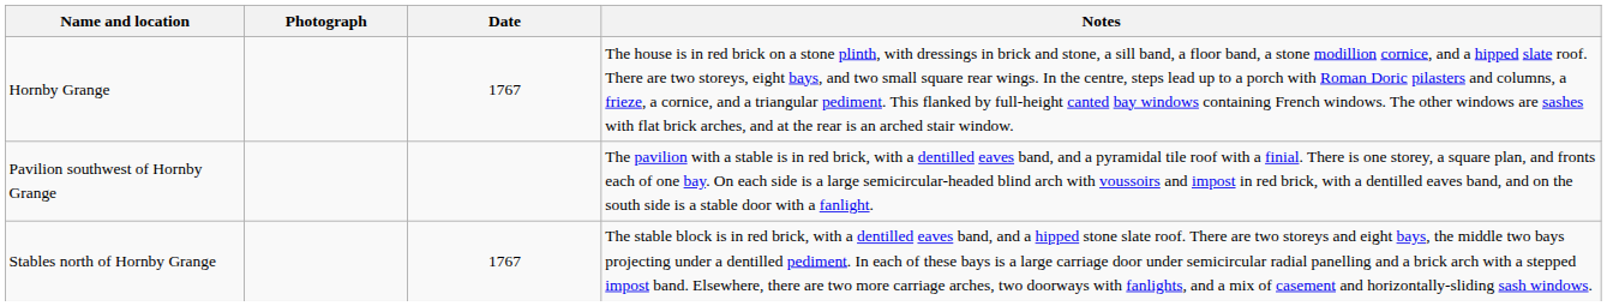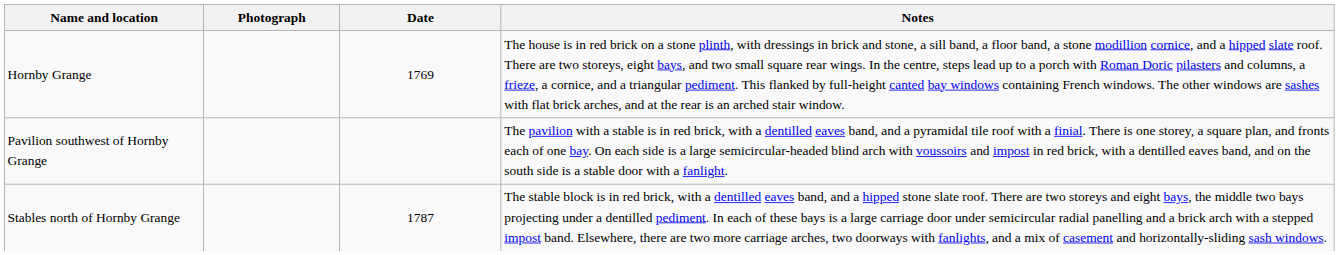 <table class="wikitable sortable plainrowheaders" style="width:100%;border:0px;text-align:left;line-height:150%;">
 <tr>
 <th scope="col"  style="width:150px">Name and location</th>
 <th scope="col"  style="width:100px" class="unsortable">Photograph</th>
 <th scope="col"  style="width:120px">Date</th>
 <th scope="col"  style="width:650px" class="unsortable">Notes</th>
 </tr>
 <tr>
 <td>Hornby Grange<br><small></small></td>
 <td></td>
-<td align="center">1767</td>
+<td align="center">1769</td>
 <td>The house is in red brick on a stone <a href='#'>plinth</a>, with dressings in brick and stone, a sill band, a floor band, a stone <a href='#'>modillion</a> <a href='#'>cornice</a>, and a <a href='#'>hipped</a> <a href='#'>slate</a> roof. There are two storeys, eight <a href='#'>bays</a>, and two small square rear wings. In the centre, steps lead up to a porch with <a href='#'>Roman Doric</a> <a href='#'>pilasters</a> and columns, a <a href='#'>frieze</a>, a cornice, and a triangular <a href='#'>pediment</a>. This flanked by full-height <a href='#'>canted</a> <a href='#'>bay windows</a> containing French windows. The other windows are <a href='#'>sashes</a> with flat brick arches, and at the rear is an arched stair window.</td>
 </tr>
 <tr>
 <td>Pavilion southwest of Hornby Grange<br><small></small></td>
 <td></td>
 <td align="center"></td>
 <td>The <a href='#'>pavilion</a> with a stable is in red brick, with a <a href='#'>dentilled</a> <a href='#'>eaves</a> band, and a pyramidal tile roof with a <a href='#'>finial</a>. There is one storey, a square plan, and fronts each of one <a href='#'>bay</a>. On each side is a large semicircular-headed blind arch with <a href='#'>voussoirs</a> and <a href='#'>impost</a> in red brick, with a dentilled eaves band, and on the south side is a stable door with a <a href='#'>fanlight</a>.</td>
 </tr>
 <tr>
 <td>Stables north of Hornby Grange<br><small></small></td>
 <td></td>
-<td align="center">1767</td>
+<td align="center">1787</td>
 <td>The stable block is in red brick, with a <a href='#'>dentilled</a> <a href='#'>eaves</a> band, and a <a href='#'>hipped</a> stone slate roof. There are two storeys and eight <a href='#'>bays</a>, the middle two bays projecting under a dentilled <a href='#'>pediment</a>. In each of these bays is a large carriage door under semicircular radial panelling and a brick arch with a stepped <a href='#'>impost</a> band. Elsewhere, there are two more carriage arches, two doorways with <a href='#'>fanlights</a>, and a mix of <a href='#'>casement</a> and horizontally-sliding <a href='#'>sash windows</a>.</td>
 </tr>
 <tr>
 </tr>
 </table>
